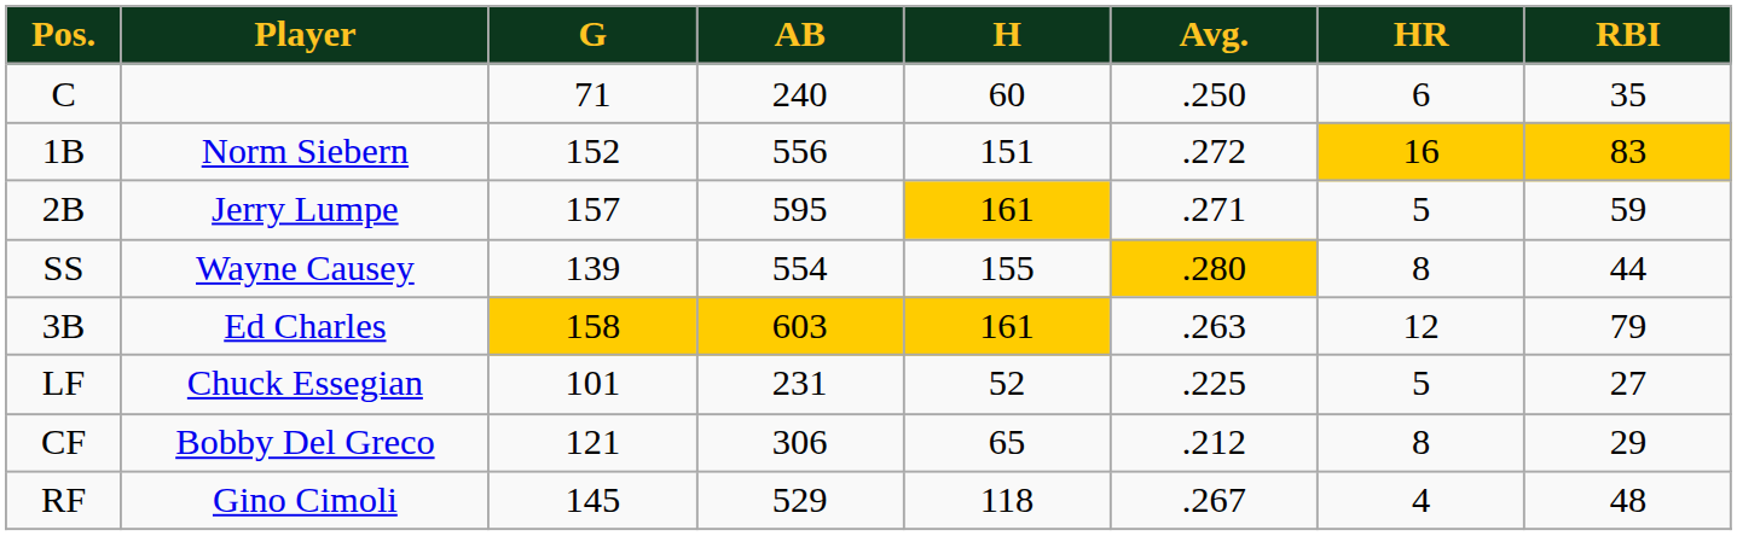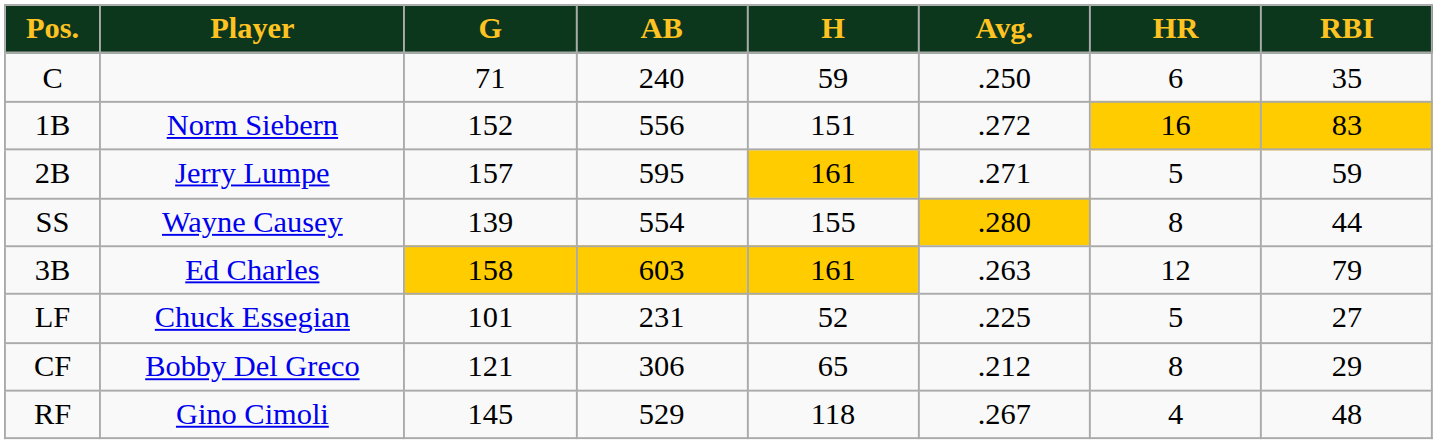 <table class="wikitable sortable">
 <tr>
 <th style="background:#0C371D;color:#ffc322;" width="5%">Pos.</th>
 <th style="background:#0C371D;color:#ffc322;" width="16%">Player</th>
 <th style="background:#0C371D;color:#ffc322;" width="9%">G</th>
 <th style="background:#0C371D;color:#ffc322;" width="9%">AB</th>
 <th style="background:#0C371D;color:#ffc322;" width="9%">H</th>
 <th style="background:#0C371D;color:#ffc322;" width="9%">Avg.</th>
 <th style="background:#0C371D;color:#ffc322;" width="9%">HR</th>
 <th style="background:#0C371D;color:#ffc322;" width="9%">RBI</th>
 </tr>
 <tr align="center">
 <td>C</td>
 <td></td>
 <td>71</td>
 <td>240</td>
-<td>60</td>
+<td>59</td>
 <td>.250</td>
 <td>6</td>
 <td>35</td>
 </tr>
 <tr align="center">
 <td>1B</td>
 <td><a href='#'>Norm Siebern</a></td>
 <td>152</td>
 <td>556</td>
 <td>151</td>
 <td>.272</td>
 <td style="background:#fc0;">16</td>
 <td style="background:#fc0;">83</td>
 </tr>
 <tr align=center>
 <td>2B</td>
 <td><a href='#'>Jerry Lumpe</a></td>
 <td>157</td>
 <td>595</td>
 <td style="background:#fc0;">161</td>
 <td>.271</td>
 <td>5</td>
 <td>59</td>
 </tr>
 <tr align=center>
 <td>SS</td>
 <td><a href='#'>Wayne Causey</a></td>
 <td>139</td>
 <td>554</td>
 <td>155</td>
 <td style="background:#fc0;">.280</td>
 <td>8</td>
 <td>44</td>
 </tr>
 <tr align=center>
 <td>3B</td>
 <td><a href='#'>Ed Charles</a></td>
 <td style="background:#fc0;">158</td>
 <td style="background:#fc0;">603</td>
 <td style="background:#fc0;">161</td>
 <td>.263</td>
 <td>12</td>
 <td>79</td>
 </tr>
 <tr align=center>
 <td>LF</td>
 <td><a href='#'>Chuck Essegian</a></td>
 <td>101</td>
 <td>231</td>
 <td>52</td>
 <td>.225</td>
 <td>5</td>
 <td>27</td>
 </tr>
 <tr align=center>
 <td>CF</td>
 <td><a href='#'>Bobby Del Greco</a></td>
 <td>121</td>
 <td>306</td>
 <td>65</td>
 <td>.212</td>
 <td>8</td>
 <td>29</td>
 </tr>
 <tr align=center>
 <td>RF</td>
 <td><a href='#'>Gino Cimoli</a></td>
 <td>145</td>
 <td>529</td>
 <td>118</td>
 <td>.267</td>
 <td>4</td>
 <td>48</td>
 </tr>
 </table>
